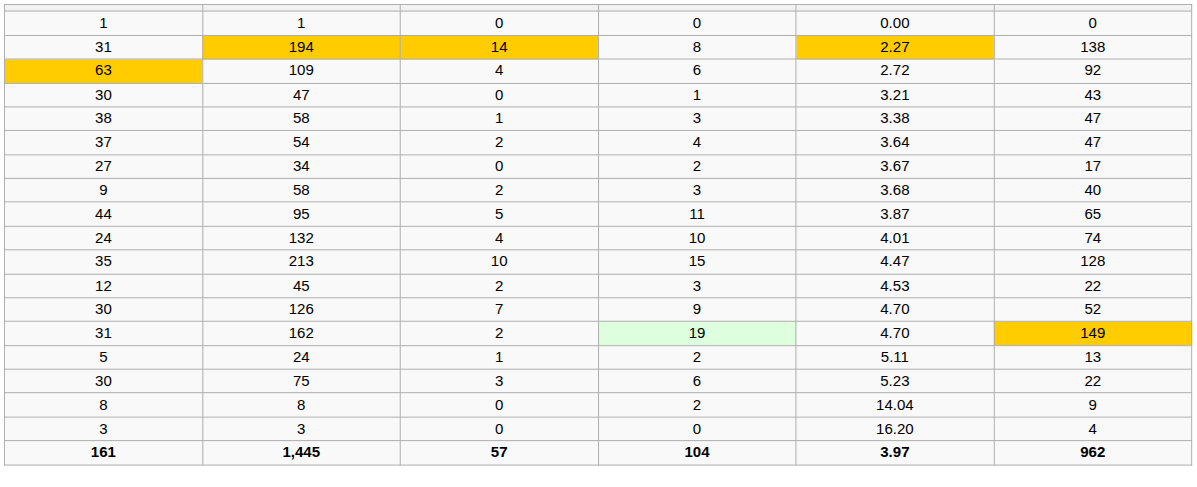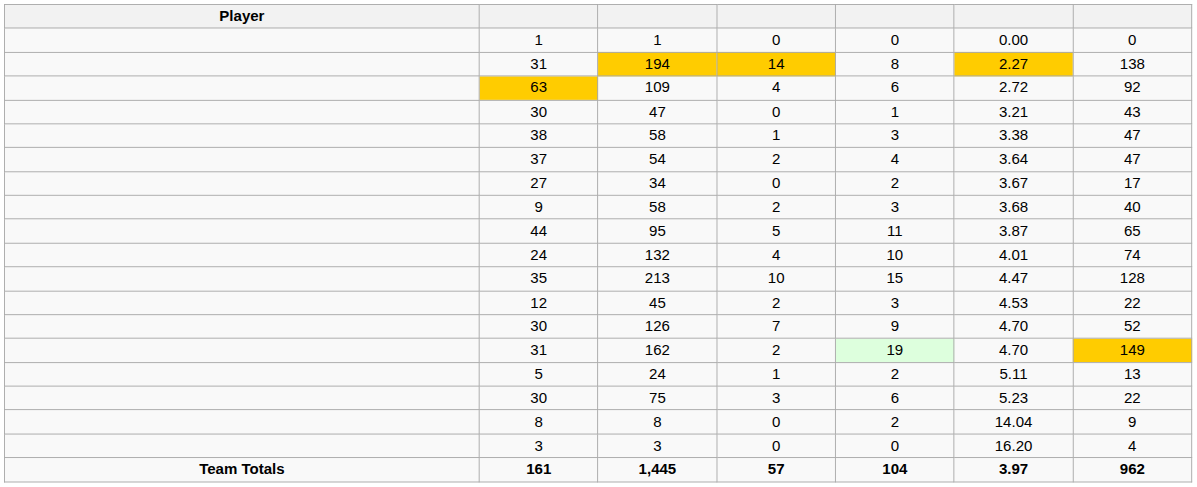 <table class="wikitable sortable" style="text-align:center;" width="100%">
 <tr>
+<th width="40%">Player</th>
 <th width="10%"></th>
 <th width="10%" data-sort-type="number"></th>
 <th width="10%"></th>
 <th width="10%"></th>
 <th width="10%"></th>
 <th width="10%"></th>
 </tr>
 <tr>
+<td></td>
 <td>1</td>
 <td>1</td>
 <td>0</td>
 <td>0</td>
 <td>0.00</td>
 <td>0</td>
 </tr>
 <tr>
+<td></td>
 <td>31</td>
 <td style="background:#fc0;">194</td>
 <td style="background:#fc0;">14</td>
 <td>8</td>
 <td style="background:#fc0;">2.27</td>
 <td>138</td>
 </tr>
 <tr>
+<td></td>
 <td style="background:#fc0;">63</td>
 <td>109</td>
 <td>4</td>
 <td>6</td>
 <td>2.72</td>
 <td>92</td>
 </tr>
 <tr>
+<td></td>
 <td>30</td>
 <td>47</td>
 <td>0</td>
 <td>1</td>
 <td>3.21</td>
 <td>43</td>
 </tr>
 <tr>
+<td></td>
 <td>38</td>
 <td>58</td>
 <td>1</td>
 <td>3</td>
 <td>3.38</td>
 <td>47</td>
 </tr>
 <tr>
+<td></td>
 <td>37</td>
 <td>54</td>
 <td>2</td>
 <td>4</td>
 <td>3.64</td>
 <td>47</td>
 </tr>
 <tr>
+<td></td>
 <td>27</td>
 <td>34</td>
 <td>0</td>
 <td>2</td>
 <td>3.67</td>
 <td>17</td>
 </tr>
 <tr>
+<td></td>
 <td>9</td>
 <td>58</td>
 <td>2</td>
 <td>3</td>
 <td>3.68</td>
 <td>40</td>
 </tr>
 <tr>
+<td></td>
 <td>44</td>
 <td>95</td>
 <td>5</td>
 <td>11</td>
 <td>3.87</td>
 <td>65</td>
 </tr>
 <tr>
+<td></td>
 <td>24</td>
 <td>132</td>
 <td>4</td>
 <td>10</td>
 <td>4.01</td>
 <td>74</td>
 </tr>
 <tr>
+<td></td>
 <td>35</td>
 <td>213</td>
 <td>10</td>
 <td>15</td>
 <td>4.47</td>
 <td>128</td>
 </tr>
 <tr>
+<td></td>
 <td>12</td>
 <td>45</td>
 <td>2</td>
 <td>3</td>
 <td>4.53</td>
 <td>22</td>
 </tr>
 <tr>
+<td></td>
 <td>30</td>
 <td>126</td>
 <td>7</td>
 <td>9</td>
 <td>4.70</td>
 <td>52</td>
 </tr>
 <tr>
+<td></td>
 <td>31</td>
 <td>162</td>
 <td>2</td>
 <td style="background:#DDFFDD;">19</td>
 <td>4.70</td>
 <td style="background:#fc0;">149</td>
 </tr>
 <tr>
+<td></td>
 <td>5</td>
 <td>24</td>
 <td>1</td>
 <td>2</td>
 <td>5.11</td>
 <td>13</td>
 </tr>
 <tr>
+<td></td>
 <td>30</td>
 <td>75</td>
 <td>3</td>
 <td>6</td>
 <td>5.23</td>
 <td>22</td>
 </tr>
 <tr>
+<td></td>
 <td>8</td>
 <td>8</td>
 <td>0</td>
 <td>2</td>
 <td>14.04</td>
 <td>9</td>
 </tr>
 <tr>
+<td></td>
 <td>3</td>
 <td>3</td>
 <td>0</td>
 <td>0</td>
 <td>16.20</td>
 <td>4</td>
 </tr>
 <tr>
+<td><strong>Team Totals</strong></td>
 <td><strong>161</strong></td>
 <td><strong>1,445</strong></td>
 <td><strong>57</strong></td>
 <td><strong>104</strong></td>
 <td><strong>3.97</strong></td>
 <td><strong>962</strong></td>
 </tr>
 </table>
